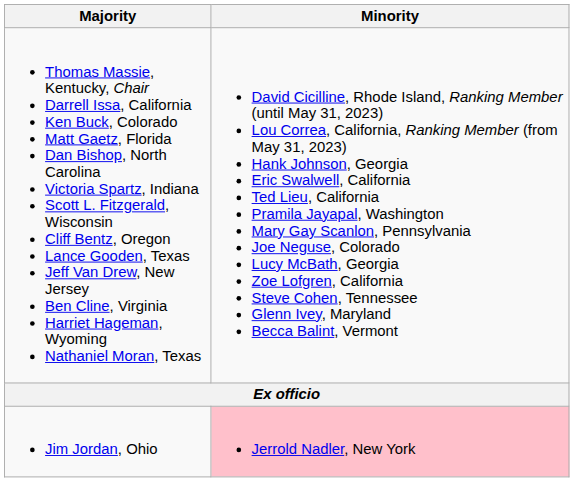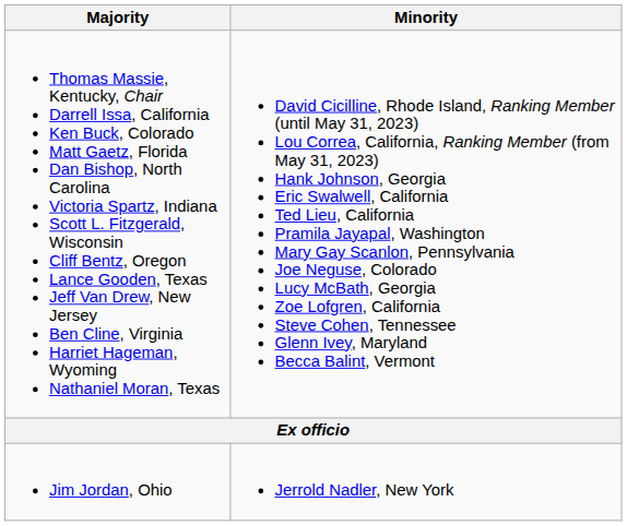 <table class=wikitable>
 <tr>
 <th>Majority</th>
 <th>Minority</th>
 </tr>
 <tr>
 <td><br><ul><li><a href='#'>Thomas Massie</a>, Kentucky, <em>Chair</em></li><li><a href='#'>Darrell Issa</a>, California</li><li><a href='#'>Ken Buck</a>, Colorado</li><li><a href='#'>Matt Gaetz</a>, Florida</li><li><a href='#'>Dan Bishop</a>, North Carolina</li><li><a href='#'>Victoria Spartz</a>, Indiana</li><li><a href='#'>Scott L. Fitzgerald</a>, Wisconsin</li><li><a href='#'>Cliff Bentz</a>, Oregon</li><li><a href='#'>Lance Gooden</a>, Texas</li><li><a href='#'>Jeff Van Drew</a>, New Jersey</li><li><a href='#'>Ben Cline</a>, Virginia</li><li><a href='#'>Harriet Hageman</a>, Wyoming</li><li><a href='#'>Nathaniel Moran</a>, Texas</li></ul></td>
 <td><br><ul><li><a href='#'>David Cicilline</a>, Rhode Island, <em>Ranking Member</em> (until May 31, 2023)</li><li><a href='#'>Lou Correa</a>, California, <em>Ranking Member</em> (from May 31, 2023)</li><li><a href='#'>Hank Johnson</a>, Georgia</li><li><a href='#'>Eric Swalwell</a>, California</li><li><a href='#'>Ted Lieu</a>, California</li><li><a href='#'>Pramila Jayapal</a>, Washington</li><li><a href='#'>Mary Gay Scanlon</a>, Pennsylvania</li><li><a href='#'>Joe Neguse</a>, Colorado</li><li><a href='#'>Lucy McBath</a>, Georgia</li><li><a href='#'>Zoe Lofgren</a>, California</li><li><a href='#'>Steve Cohen</a>, Tennessee</li><li><a href='#'>Glenn Ivey</a>, Maryland</li><li><a href='#'>Becca Balint</a>, Vermont</li></ul></td>
 </tr>
 <tr>
 <th colspan=2><em>Ex officio</em></th>
 </tr>
 <tr>
 <td><br><ul><li><a href='#'>Jim Jordan</a>, Ohio</li></ul></td>
-<td style="background: pink;"><br><ul><li><a href='#'>Jerrold Nadler</a>, New York</li></ul></td>
+<td><br><ul><li><a href='#'>Jerrold Nadler</a>, New York</li></ul></td>
 </tr>
 </table>
